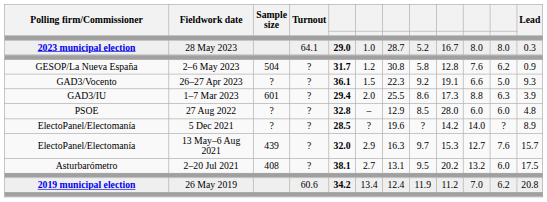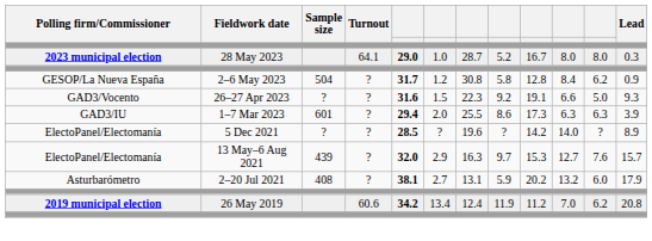 <table class="wikitable collapsible collapsed" style="text-align:center; font-size:95%; line-height:16px;">
 <tr style="height:42px;">
 <th style="width:250px;" rowspan="2">Polling firm/Commissioner</th>
 <th style="width:125px;" rowspan="2">Fieldwork date</th>
 <th style="width:50px;" rowspan="2">Sample size</th>
 <th style="width:45px;" rowspan="2">Turnout</th>
 <th style="width:35px;"></th>
 <th style="width:35px;"></th>
 <th style="width:35px;"></th>
 <th style="width:35px;"></th>
 <th style="width:35px;"></th>
 <th style="width:35px;"></th>
 <th style="width:35px;"></th>
 <th style="width:30px;" rowspan="2">Lead</th>
 </tr>
 <tr>
 <th style="color:inherit;background:"></th>
 <th style="color:inherit;background:"></th>
 <th style="color:inherit;background:"></th>
 <th style="color:inherit;background:"></th>
 <th style="color:inherit;background:"></th>
 <th style="color:inherit;background:"></th>
 <th style="color:inherit;background:"></th>
 </tr>
 <tr>
 <td colspan="12" style="background:#A0A0A0"></td>
 </tr>
 <tr style="background:#EFEFEF;">
 <td><strong><a href='#'>2023 municipal election</a></strong></td>
 <td>28 May 2023</td>
 <td></td>
 <td>64.1</td>
 <td><strong>29.0</strong><br></td>
 <td>1.0<br></td>
 <td>28.7<br></td>
 <td>5.2<br></td>
 <td>16.7<br></td>
 <td>8.0<br></td>
 <td>8.0<br></td>
 <td style="background:">0.3</td>
 </tr>
 <tr>
 <td colspan="12" style="background:#A0A0A0"></td>
 </tr>
 <tr>
 <td>GESOP/La Nueva España</td>
 <td>2–6 May 2023</td>
 <td>504</td>
 <td>?</td>
 <td><strong>31.7</strong><br></td>
 <td>1.2<br></td>
 <td>30.8<br></td>
 <td>5.8<br></td>
 <td>12.8<br></td>
-<td>7.6<br></td>
+<td>8.4<br></td>
 <td>6.2<br></td>
 <td style="background:">0.9</td>
 </tr>
 <tr>
 <td>GAD3/Vocento</td>
 <td>26–27 Apr 2023</td>
 <td>?</td>
 <td>?</td>
-<td><strong>36.1</strong><br></td>
+<td><strong>31.6</strong><br></td>
 <td>1.5<br></td>
 <td>22.3<br></td>
 <td>9.2<br></td>
 <td>19.1<br></td>
 <td>6.6<br></td>
 <td>5.0<br></td>
 <td style="background:">9.3</td>
 </tr>
 <tr>
 <td>GAD3/IU</td>
 <td>1–7 Mar 2023</td>
 <td>601</td>
 <td>?</td>
 <td><strong>29.4</strong><br></td>
 <td>2.0<br></td>
 <td>25.5<br></td>
 <td>8.6<br></td>
 <td>17.3<br></td>
-<td>8.8<br></td>
+<td>6.3<br></td>
 <td>6.3<br></td>
 <td style="background:">3.9</td>
-</tr>
-<tr>
-<td>PSOE</td>
-<td>27 Aug 2022</td>
-<td>?</td>
-<td>?</td>
-<td><strong>32.8</strong><br></td>
-<td>–</td>
-<td>12.9<br></td>
-<td>8.5<br></td>
-<td>28.0<br></td>
-<td>6.0<br></td>
-<td>6.0<br></td>
-<td style="background:">4.8</td>
 </tr>
 <tr>
 <td>ElectoPanel/Electomanía</td>
 <td>5 Dec 2021</td>
 <td>?</td>
 <td>?</td>
 <td><strong>28.5</strong><br></td>
 <td>?<br></td>
 <td>19.6<br></td>
 <td>?<br></td>
 <td>14.2<br></td>
 <td>14.0<br></td>
 <td>?<br></td>
 <td style="background:">8.9</td>
 </tr>
 <tr>
 <td>ElectoPanel/Electomanía</td>
 <td>13 May–6 Aug 2021</td>
 <td>439</td>
 <td>?</td>
 <td><strong>32.0</strong><br></td>
 <td>2.9<br></td>
 <td>16.3<br></td>
 <td>9.7<br></td>
 <td>15.3<br></td>
 <td>12.7<br></td>
 <td>7.6<br></td>
 <td style="background:">15.7</td>
 </tr>
 <tr>
 <td>Asturbarómetro</td>
 <td>2–20 Jul 2021</td>
 <td>408</td>
 <td>?</td>
 <td><strong>38.1</strong><br></td>
 <td>2.7<br></td>
 <td>13.1<br></td>
-<td>9.5<br></td>
+<td>5.9<br></td>
 <td>20.2<br></td>
 <td>13.2<br></td>
 <td>6.0<br></td>
-<td style="background:">17.5</td>
+<td style="background:">17.9</td>
 </tr>
 <tr>
 <td colspan="12" style="background:#A0A0A0"></td>
 </tr>
 <tr style="background:#EFEFEF;">
 <td><strong><a href='#'>2019 municipal election</a></strong></td>
 <td>26 May 2019</td>
 <td></td>
 <td>60.6</td>
 <td><strong>34.2</strong><br></td>
 <td>13.4<br></td>
 <td>12.4<br></td>
 <td>11.9<br></td>
 <td>11.2<br></td>
 <td>7.0<br></td>
 <td>6.2<br></td>
 <td style="background:">20.8</td>
 </tr>
 <tr>
 <td colspan="12" style="background:#A0A0A0"></td>
 </tr>
 </table>
